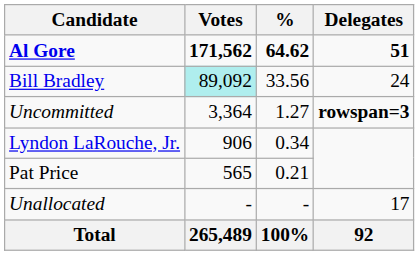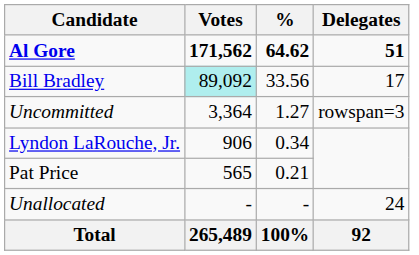 <table class="wikitable sortable" style="text-align:right;">
 <tr>
 <th>Candidate</th>
 <th>Votes</th>
 <th>%</th>
 <th>Delegates</th>
 </tr>
 <tr>
 <td style="text-align:left;" data-sort-value="Gore, Al"><strong><a href='#'>Al Gore</a></strong></td>
 <td><strong>171,562</strong></td>
 <td><strong>64.62</strong></td>
 <td><strong>51</strong></td>
 </tr>
 <tr>
 <td style="text-align:left;" data-sort-value="Bradley, Bill"><a href='#'>Bill Bradley</a></td>
 <td style="background: paleturquoise;">89,092</td>
 <td>33.56</td>
-<td>24</td>
+<td>17</td>
 </tr>
 <tr>
 <td style="text-align:left;" data-sort-value="ZZZ"><em>Uncommitted</em></td>
 <td>3,364</td>
 <td>1.27</td>
-<td><strong>rowspan=3 </strong></td>
+<td>rowspan=3 </td>
 </tr>
 <tr>
 <td style="text-align:left;" data-sort-value="LaRouche, Jr., Lyndon"><a href='#'>Lyndon LaRouche, Jr.</a></td>
 <td>906</td>
 <td>0.34</td>
 </tr>
 <tr>
 <td style="text-align:left;" data-sort-value="Price, Pat">Pat Price</td>
 <td>565</td>
 <td>0.21</td>
 </tr>
 <tr>
 <td style="text-align:left;" data-sort-value="ZZZ"><em>Unallocated</em></td>
 <td>-</td>
 <td>-</td>
-<td>17</td>
+<td>24</td>
 </tr>
 <tr>
 <th>Total</th>
 <th>265,489</th>
 <th>100%</th>
 <th>92</th>
 </tr>
 </table>
